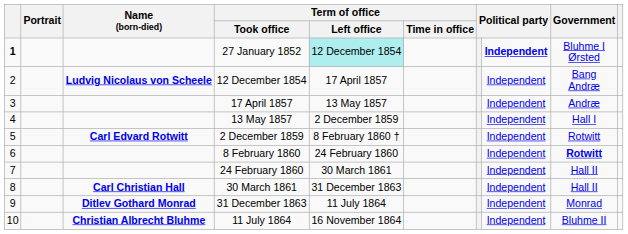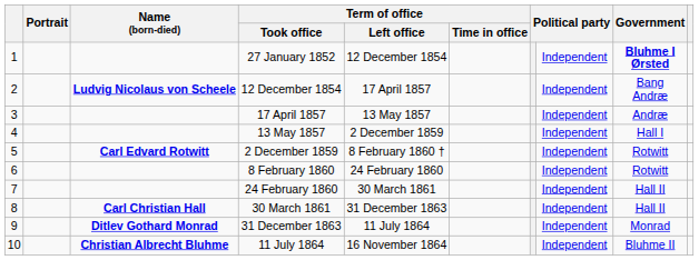 <table class="wikitable" style="text-align:center;">
 <tr>
 <th rowspan=2></th>
 <th rowspan=2>Portrait</th>
 <th rowspan=2>Name<br><small>(born-died)</small></th>
 <th colspan=3>Term of office</th>
 <th colspan=2 rowspan=2>Political party</th>
 <th rowspan=2>Government</th>
 <th rowspan=2></th>
 </tr>
 <tr>
 <th>Took office</th>
 <th>Left office</th>
 <th>Time in office</th>
 </tr>
 <tr>
-<td><strong>1</strong></td>
+<td>1</td>
 <td></td>
 <td><strong></strong><br></td>
 <td>27 January 1852</td>
-<td style="background: paleturquoise;">12 December 1854</td>
+<td>12 December 1854</td>
 <td></td>
 <th style="background:"></th>
-<td><strong><a href='#'>Independent</a></strong></td>
-<td><a href='#'>Bluhme I</a><br><a href='#'>Ørsted</a></td>
+<td><a href='#'>Independent</a></td>
+<td><strong><a href='#'>Bluhme I</a><br><a href='#'>Ørsted</a></strong></td>
 <td></td>
 </tr>
 <tr>
 <td>2</td>
 <td></td>
 <td><strong><a href='#'>Ludvig Nicolaus von Scheele</a></strong><br></td>
 <td>12 December 1854</td>
 <td>17 April 1857</td>
 <td></td>
 <th style="background:"></th>
 <td><a href='#'>Independent</a></td>
 <td><a href='#'>Bang</a><br><a href='#'>Andræ</a></td>
 <td></td>
 </tr>
 <tr>
 <td>3</td>
 <td></td>
 <td><strong></strong><br></td>
 <td>17 April 1857</td>
 <td>13 May 1857</td>
 <td></td>
 <th style="background:"></th>
 <td><a href='#'>Independent</a></td>
 <td><a href='#'>Andræ</a></td>
 <td></td>
 </tr>
 <tr>
 <td>4</td>
 <td></td>
 <td><strong></strong><br></td>
 <td>13 May 1857</td>
 <td>2 December 1859</td>
 <td></td>
 <th style="background:"></th>
 <td><a href='#'>Independent</a></td>
 <td><a href='#'>Hall I</a></td>
 <td></td>
 </tr>
 <tr>
 <td>5</td>
 <td></td>
 <td><strong><a href='#'>Carl Edvard Rotwitt</a></strong><br></td>
 <td>2 December 1859</td>
 <td>8 February 1860 †</td>
 <td></td>
 <th style="background:"></th>
 <td><a href='#'>Independent</a></td>
 <td><a href='#'>Rotwitt</a></td>
 <td></td>
 </tr>
 <tr>
 <td>6</td>
 <td></td>
 <td><strong></strong><br></td>
 <td>8 February 1860</td>
 <td>24 February 1860</td>
 <td></td>
 <th style="background:"></th>
 <td><a href='#'>Independent</a></td>
-<td><strong><a href='#'>Rotwitt</a></strong></td>
+<td><a href='#'>Rotwitt</a></td>
 <td></td>
 </tr>
 <tr>
 <td>7</td>
 <td></td>
 <td><strong></strong><br></td>
 <td>24 February 1860</td>
 <td>30 March 1861</td>
 <td></td>
 <th style="background:"></th>
 <td><a href='#'>Independent</a></td>
 <td><a href='#'>Hall II</a></td>
 <td></td>
 </tr>
 <tr>
 <td>8</td>
 <td></td>
 <td><strong><a href='#'>Carl Christian Hall</a></strong><br></td>
 <td>30 March 1861</td>
 <td>31 December 1863</td>
 <td></td>
 <th style="background:"></th>
 <td><a href='#'>Independent</a></td>
 <td><a href='#'>Hall II</a></td>
 <td></td>
 </tr>
 <tr>
 <td>9</td>
 <td></td>
 <td><strong><a href='#'>Ditlev Gothard Monrad</a></strong><br></td>
 <td>31 December 1863</td>
 <td>11 July 1864</td>
 <td></td>
 <th style="background:"></th>
 <td><a href='#'>Independent</a></td>
 <td><a href='#'>Monrad</a></td>
 <td></td>
 </tr>
 <tr>
 <td>10</td>
 <td></td>
 <td><strong><a href='#'>Christian Albrecht Bluhme</a></strong><br></td>
 <td>11 July 1864</td>
 <td>16 November 1864</td>
 <td></td>
 <th style="background:"></th>
 <td><a href='#'>Independent</a></td>
 <td><a href='#'>Bluhme II</a></td>
 <td></td>
 </tr>
 </table>
